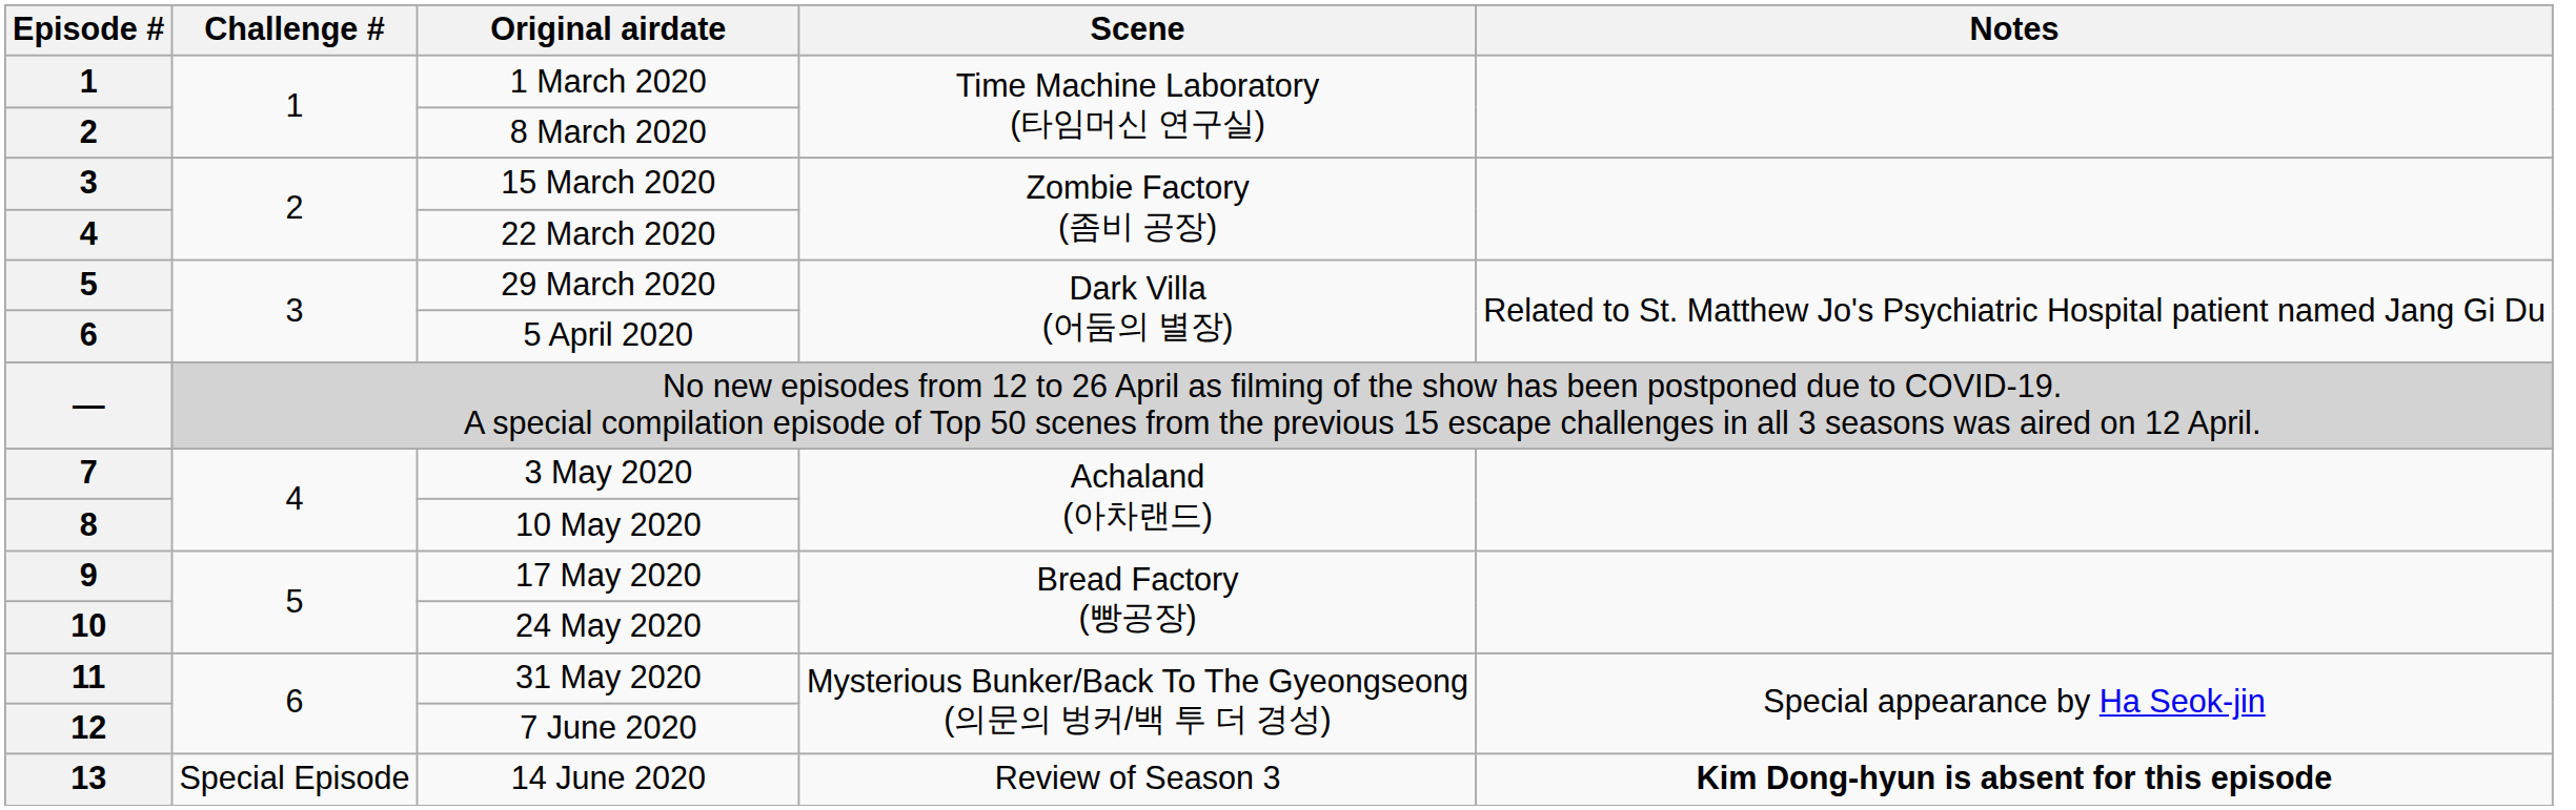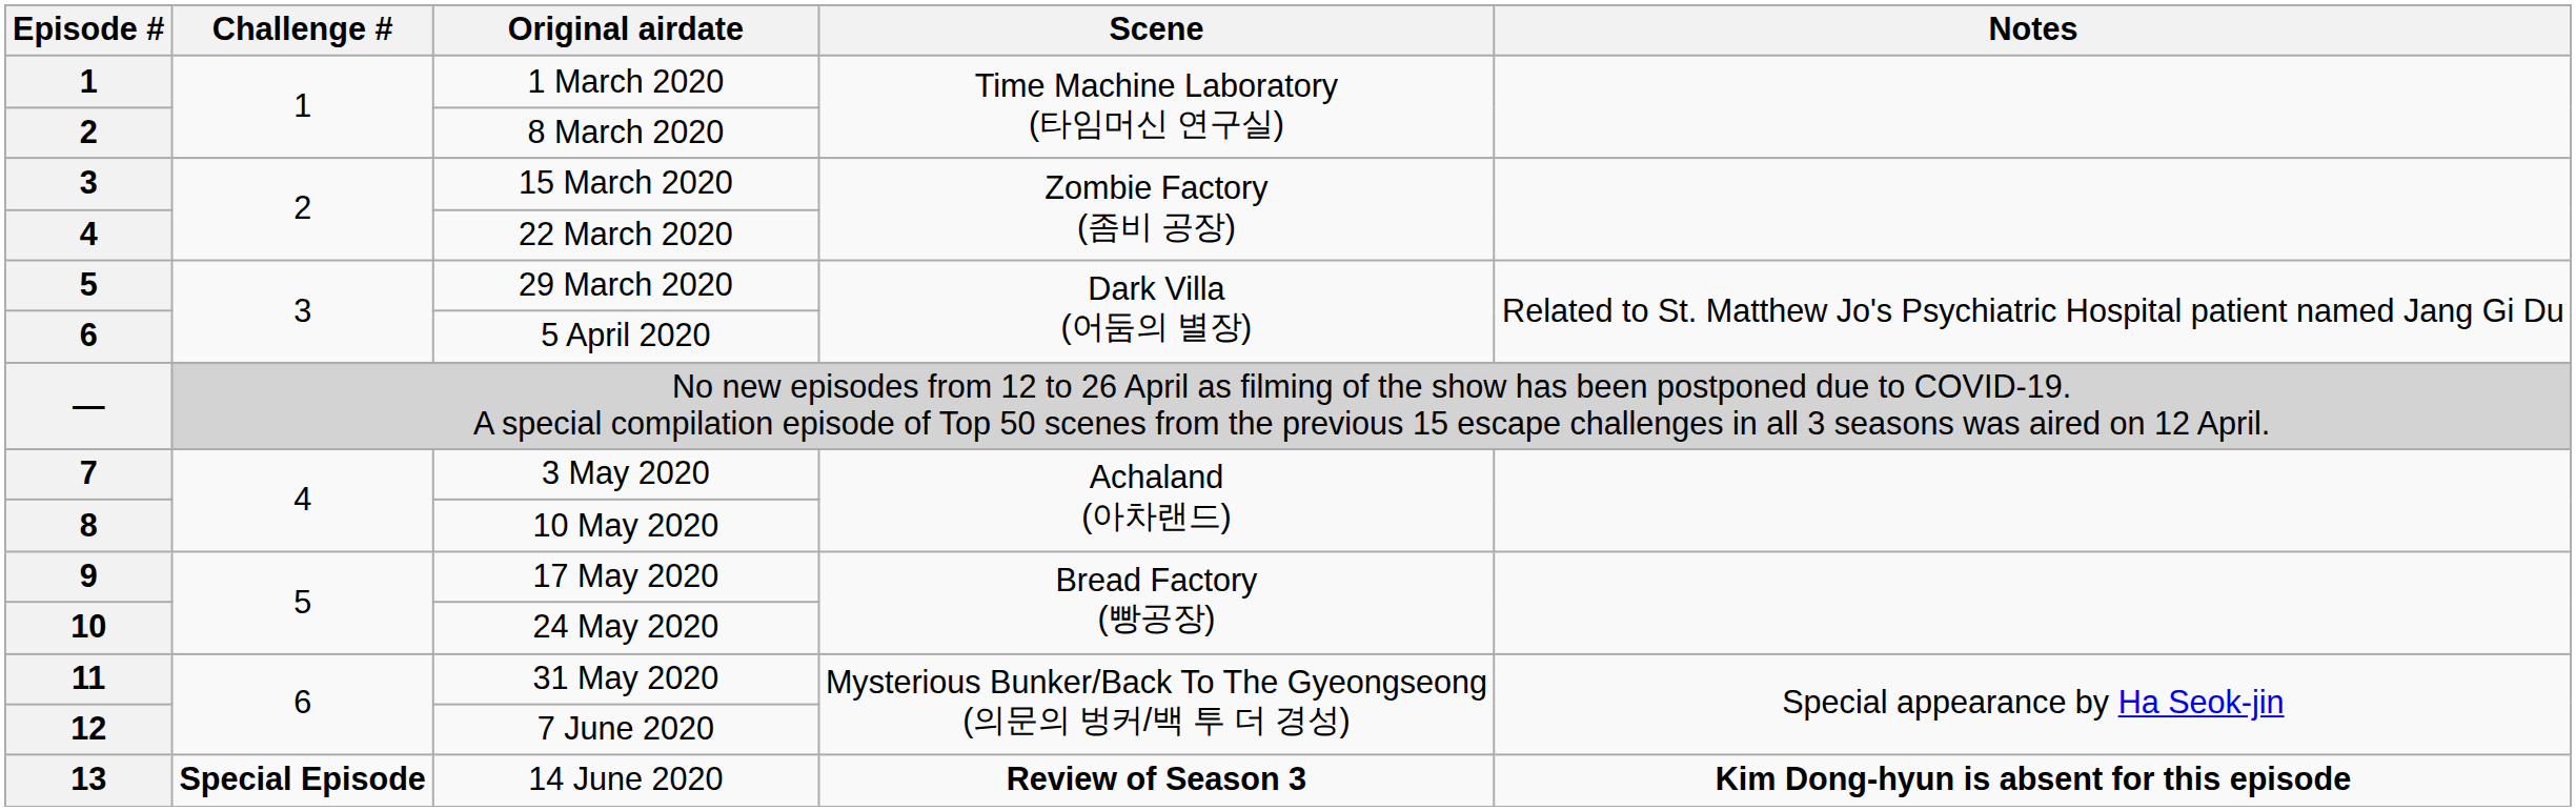 <table class=wikitable style=text-align:center>
 <tr>
 <th>Episode #</th>
 <th>Challenge #</th>
 <th style=width:15%>Original airdate</th>
 <th>Scene</th>
 <th>Notes</th>
 </tr>
 <tr>
 <th>1</th>
 <td rowspan=2>1</td>
 <td>1 March 2020</td>
 <td rowspan=2>Time Machine Laboratory<br>(타임머신 연구실)</td>
 <td rowspan=2></td>
 </tr>
 <tr>
 <th>2</th>
 <td>8 March 2020</td>
 </tr>
 <tr>
 <th>3</th>
 <td rowspan=2>2</td>
 <td>15 March 2020</td>
 <td rowspan=2>Zombie Factory<br>(좀비 공장)</td>
 </tr>
 <tr>
 <th>4</th>
 <td>22 March 2020</td>
 </tr>
 <tr>
 <th>5</th>
 <td rowspan=2>3</td>
 <td>29 March 2020</td>
 <td rowspan=2>Dark Villa<br>(어둠의 별장)<br></td>
 <td rowspan=2>Related to St. Matthew Jo's Psychiatric Hospital patient named Jang Gi Du</td>
 </tr>
 <tr>
 <th>6</th>
 <td>5 April 2020</td>
 </tr>
 <tr>
 <th>—</th>
 <td colspan=4 style=background:lightgray>No new episodes from 12 to 26 April as filming of the show has been postponed due to COVID-19.<br>A special compilation episode of Top 50 scenes from the previous 15 escape challenges in all 3 seasons was aired on 12 April.</td>
 </tr>
 <tr>
 <th>7</th>
 <td rowspan=2>4</td>
 <td>3 May 2020</td>
 <td rowspan=2>Achaland<br>(아차랜드)</td>
 <td rowspan=2></td>
 </tr>
 <tr>
 <th>8</th>
 <td>10 May 2020</td>
 </tr>
 <tr>
 <th>9</th>
 <td rowspan=2>5</td>
 <td>17 May 2020</td>
 <td rowspan=2>Bread Factory<br>(빵공장)</td>
 <td rowspan=2></td>
 </tr>
 <tr>
 <th>10</th>
 <td>24 May 2020</td>
 </tr>
 <tr>
 <th>11</th>
 <td rowspan=2>6</td>
 <td>31 May 2020</td>
 <td rowspan=2>Mysterious Bunker/Back To The Gyeongseong<br>(의문의 벙커/백 투 더 경성)</td>
 <td rowspan=2>Special appearance by <a href='#'>Ha Seok-jin</a></td>
 </tr>
 <tr>
 <th>12</th>
 <td>7 June 2020</td>
 </tr>
 <tr>
 <th>13</th>
-<td>Special Episode</td>
+<td><strong>Special Episode</strong></td>
 <td>14 June 2020</td>
-<td>Review of Season 3</td>
+<td><strong>Review of Season 3</strong></td>
 <td><strong>Kim Dong-hyun is absent for this episode</strong></td>
 </tr>
 <tr>
 </tr>
 </table>
